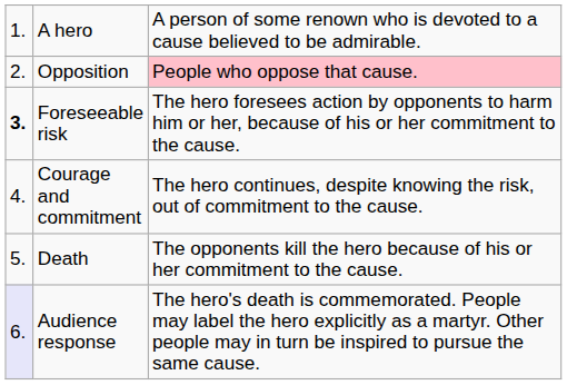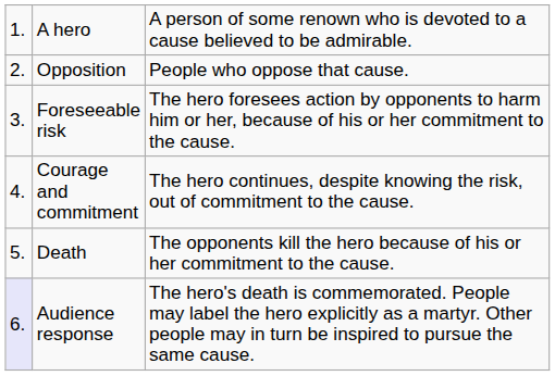 <table class="wikitable" style="margin: 1em auto 1em auto; width: 75%;">
 <tr>
 <td style="width:5%;">1.</td>
 <td style="width:20%;">A hero</td>
 <td style="width:75%;">A person of some renown who is devoted to a cause believed to be admirable.</td>
 </tr>
 <tr>
 <td>2.</td>
 <td>Opposition</td>
-<td style="background: pink;">People who oppose that cause.</td>
+<td>People who oppose that cause.</td>
 </tr>
 <tr>
-<td><strong>3.</strong></td>
+<td>3.</td>
 <td>Foreseeable risk</td>
 <td>The hero foresees action by opponents to harm him or her, because of his or her commitment to the cause.</td>
 </tr>
 <tr>
 <td>4.</td>
 <td>Courage and commitment</td>
 <td>The hero continues, despite knowing the risk, out of commitment to the cause.</td>
 </tr>
 <tr>
 <td>5.</td>
 <td>Death</td>
 <td>The opponents kill the hero because of his or her commitment to the cause.</td>
 </tr>
 <tr>
 <td style="background: lavender;">6.</td>
 <td>Audience response</td>
 <td>The hero's death is commemorated. People may label the hero explicitly as a martyr. Other people may in turn be inspired to pursue the same cause.</td>
 </tr>
 </table>
